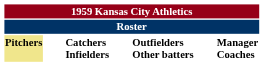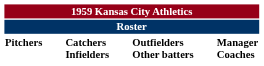 <table class="toccolours" style="font-size: 95%;">
 <tr>
 <th colspan="10" style="background-color: #960018; color: white; text-align: center;">1959 Kansas City Athletics</th>
 </tr>
 <tr>
 <td colspan="10" style="background-color: #003366; color: white; text-align: center;"><strong>Roster</strong></td>
 </tr>
 <tr>
-<td valign="top" style="background: khaki;"><strong>Pitchers</strong><br>                   </td>
+<td valign="top"><strong>Pitchers</strong><br>                   </td>
 <td width="25px"></td>
 <td valign="top"><strong>Catchers</strong><br>  <strong>Infielders</strong>              </td>
 <td width="25px"></td>
 <td valign="top"><strong>Outfielders</strong><br>      <strong>Other batters</strong> </td>
 <td width="25px"></td>
 <td valign="top"><strong>Manager</strong><br> <strong>Coaches</strong>   </td>
 </tr>
 </table>
